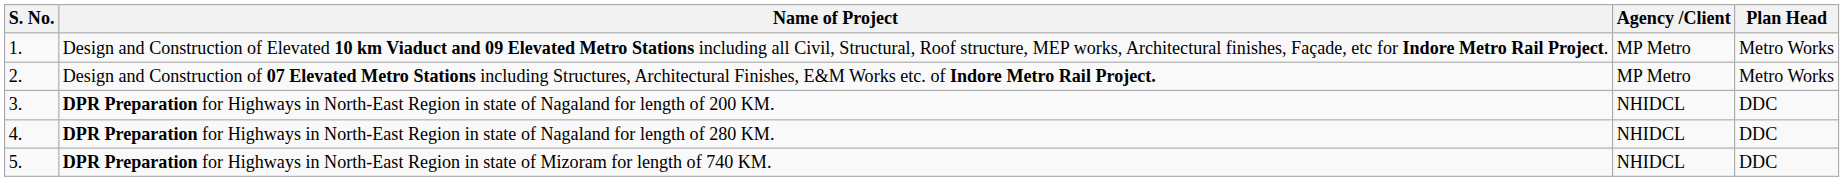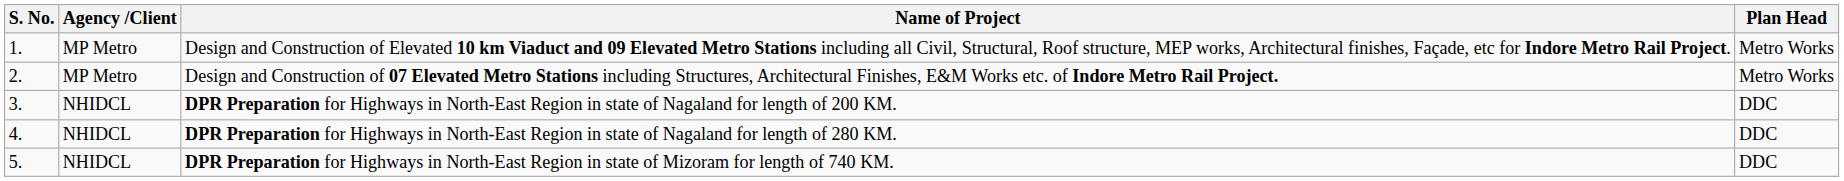 <table class="wikitable">
 <tr>
 <th>S.   No.</th>
+<th>Agency /Client</th>
 <th>Name of Project</th>
-<th>Agency /Client</th>
 <th>Plan   Head</th>
 </tr>
 <tr>
 <td>1.</td>
+<td>MP Metro</td>
 <td>Design and Construction of Elevated <strong>10 km Viaduct and 09 Elevated Metro Stations</strong> including all Civil,  Structural, Roof structure, MEP works, Architectural finishes, Façade, etc  for <strong>Indore Metro Rail Project</strong>.</td>
-<td>MP Metro</td>
 <td>Metro Works</td>
 </tr>
 <tr>
 <td>2.</td>
+<td>MP Metro</td>
 <td>Design and Construction of <strong>07  Elevated Metro Stations</strong> including Structures, Architectural Finishes,  E&M Works etc. of <strong>Indore Metro Rail Project.</strong></td>
-<td>MP Metro</td>
 <td>Metro Works</td>
 </tr>
 <tr>
 <td>3.</td>
+<td>NHIDCL</td>
 <td><strong>DPR Preparation</strong> for Highways in North-East Region in state of Nagaland for  length of 200 KM.</td>
-<td>NHIDCL</td>
 <td>DDC</td>
 </tr>
 <tr>
 <td>4.</td>
+<td>NHIDCL</td>
 <td><strong>DPR Preparation</strong> for Highways in North-East Region in state of Nagaland for  length of 280 KM.</td>
-<td>NHIDCL</td>
 <td>DDC</td>
 </tr>
 <tr>
 <td>5.</td>
+<td>NHIDCL</td>
 <td><strong>DPR Preparation</strong> for Highways in North-East Region in state of Mizoram for  length of 740 KM.</td>
-<td>NHIDCL</td>
 <td>DDC</td>
 </tr>
 </table>
